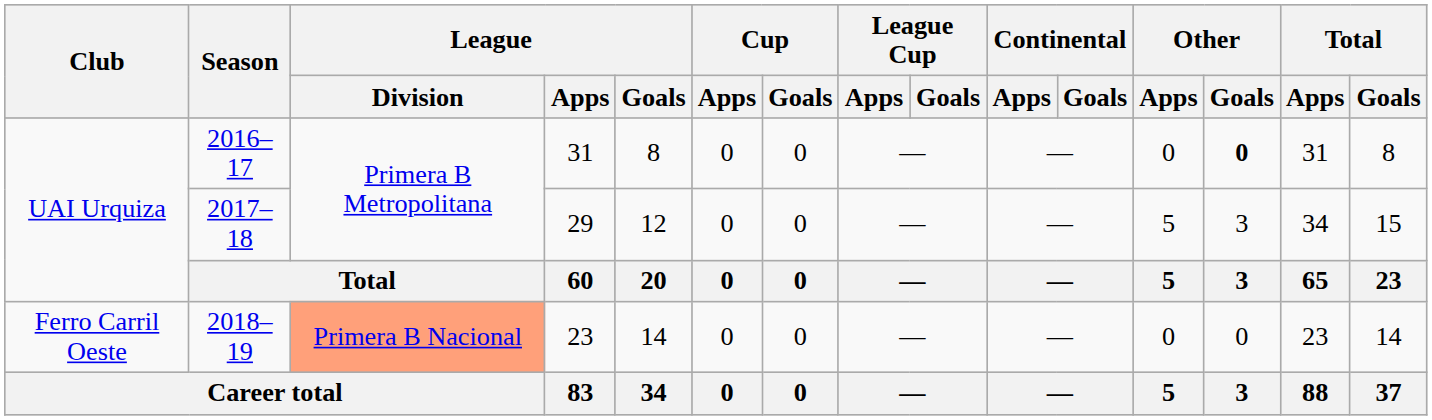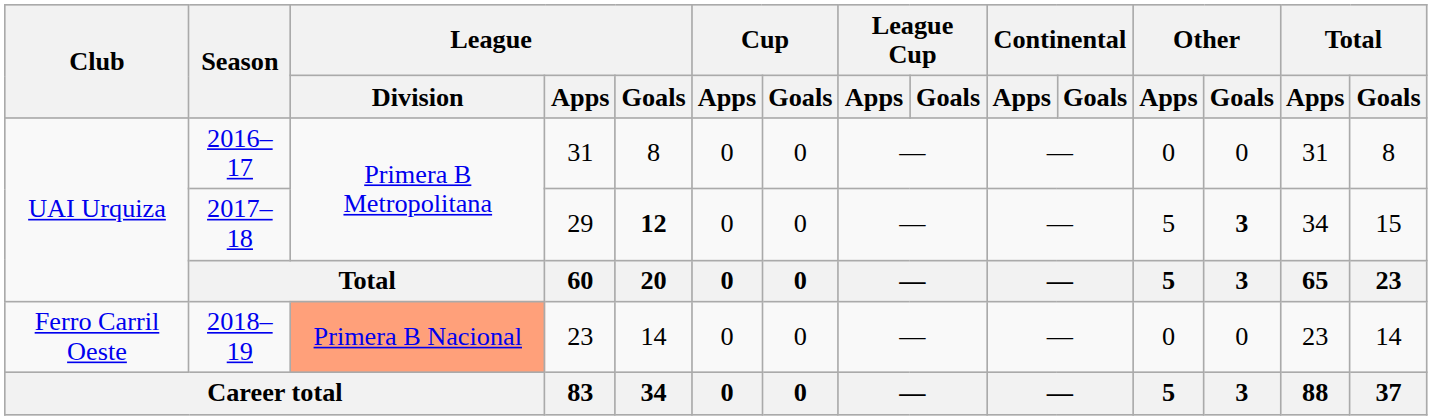 <table class="wikitable" style="text-align:center">
 <tr>
 <th rowspan="2">Club</th>
 <th rowspan="2">Season</th>
 <th colspan="3">League</th>
 <th colspan="2">Cup</th>
 <th colspan="2">League Cup</th>
 <th colspan="2">Continental</th>
 <th colspan="2">Other</th>
 <th colspan="2">Total</th>
 </tr>
 <tr>
 <th>Division</th>
 <th>Apps</th>
 <th>Goals</th>
 <th>Apps</th>
 <th>Goals</th>
 <th>Apps</th>
 <th>Goals</th>
 <th>Apps</th>
 <th>Goals</th>
 <th>Apps</th>
 <th>Goals</th>
 <th>Apps</th>
 <th>Goals</th>
 </tr>
 <tr>
 <td rowspan="3"><a href='#'>UAI Urquiza</a></td>
 <td><a href='#'>2016–17</a></td>
 <td rowspan="2"><a href='#'>Primera B Metropolitana</a></td>
 <td>31</td>
 <td>8</td>
 <td>0</td>
 <td>0</td>
 <td colspan="2">—</td>
 <td colspan="2">—</td>
 <td>0</td>
-<td><strong>0</strong></td>
+<td>0</td>
 <td>31</td>
 <td>8</td>
 </tr>
 <tr>
 <td><a href='#'>2017–18</a></td>
 <td>29</td>
-<td>12</td>
+<td><strong>12</strong></td>
 <td>0</td>
 <td>0</td>
 <td colspan="2">—</td>
 <td colspan="2">—</td>
 <td>5</td>
-<td>3</td>
+<td><strong>3</strong></td>
 <td>34</td>
 <td>15</td>
 </tr>
 <tr>
 <th colspan="2">Total</th>
 <th>60</th>
 <th>20</th>
 <th>0</th>
 <th>0</th>
 <th colspan="2">—</th>
 <th colspan="2">—</th>
 <th>5</th>
 <th>3</th>
 <th>65</th>
 <th>23</th>
 </tr>
 <tr>
 <td rowspan="1"><a href='#'>Ferro Carril Oeste</a></td>
 <td><a href='#'>2018–19</a></td>
 <td rowspan="1" style="background: lightsalmon;"><a href='#'>Primera B Nacional</a></td>
 <td>23</td>
 <td>14</td>
 <td>0</td>
 <td>0</td>
 <td colspan="2">—</td>
 <td colspan="2">—</td>
 <td>0</td>
 <td>0</td>
 <td>23</td>
 <td>14</td>
 </tr>
 <tr>
 <th colspan="3">Career total</th>
 <th>83</th>
 <th>34</th>
 <th>0</th>
 <th>0</th>
 <th colspan="2">—</th>
 <th colspan="2">—</th>
 <th>5</th>
 <th>3</th>
 <th>88</th>
 <th>37</th>
 </tr>
 </table>
